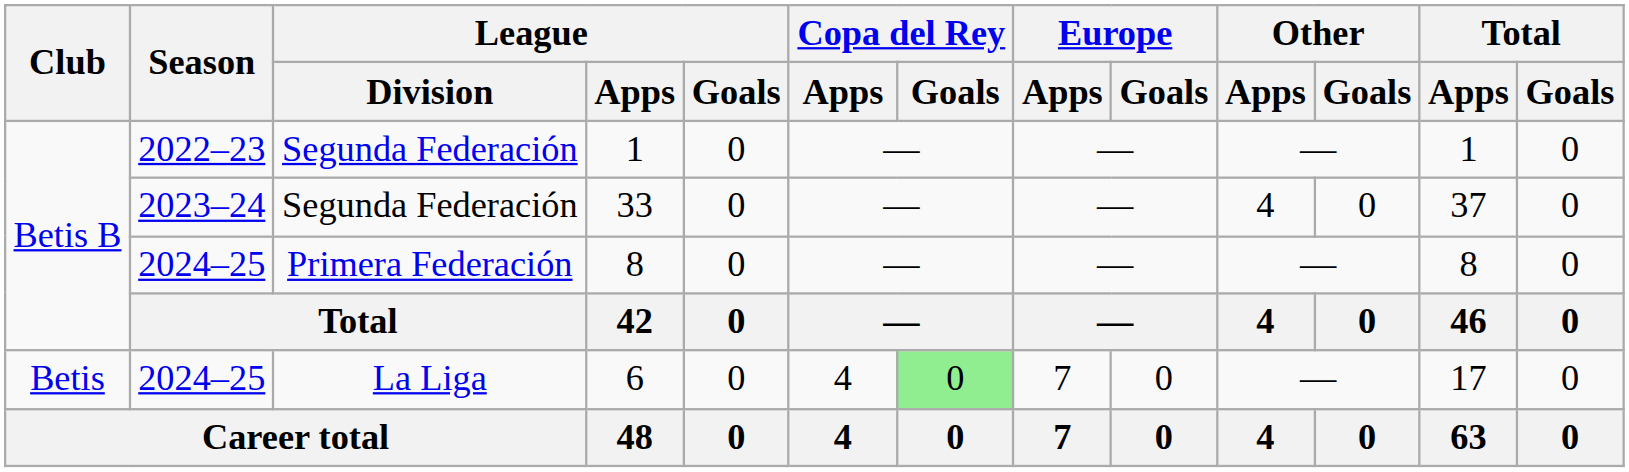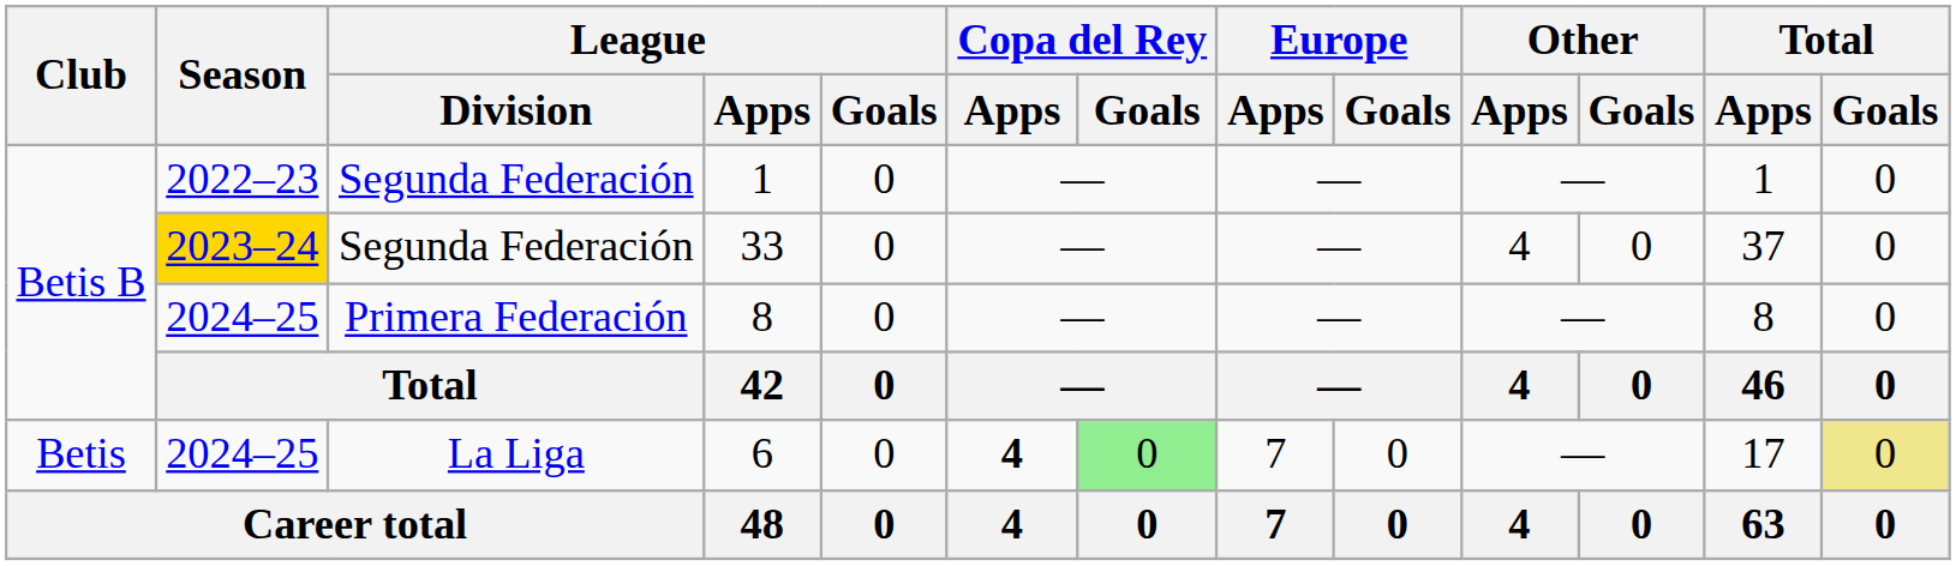 <table class="wikitable" style="text-align:center">
 <tr>
 <th rowspan="2">Club</th>
 <th rowspan="2">Season</th>
 <th colspan="3">League</th>
 <th colspan="2"><a href='#'>Copa del Rey</a></th>
 <th colspan="2"><a href='#'>Europe</a></th>
 <th colspan="2">Other</th>
 <th colspan="2">Total</th>
 </tr>
 <tr>
 <th>Division</th>
 <th>Apps</th>
 <th>Goals</th>
 <th>Apps</th>
 <th>Goals</th>
 <th>Apps</th>
 <th>Goals</th>
 <th>Apps</th>
 <th>Goals</th>
 <th>Apps</th>
 <th>Goals</th>
 </tr>
 <tr>
 <td rowspan="4"><a href='#'>Betis B</a></td>
 <td><a href='#'>2022–23</a></td>
 <td><a href='#'>Segunda Federación</a></td>
 <td>1</td>
 <td>0</td>
 <td colspan="2">—</td>
 <td colspan="2">—</td>
 <td colspan="2">—</td>
 <td>1</td>
 <td>0</td>
 </tr>
 <tr>
-<td><a href='#'>2023–24</a></td>
+<td style="background: gold;"><a href='#'>2023–24</a></td>
 <td>Segunda Federación</td>
 <td>33</td>
 <td>0</td>
 <td colspan="2">—</td>
 <td colspan="2">—</td>
 <td>4</td>
 <td>0</td>
 <td>37</td>
 <td>0</td>
 </tr>
 <tr>
 <td><a href='#'>2024–25</a></td>
 <td><a href='#'>Primera Federación</a></td>
 <td>8</td>
 <td>0</td>
 <td colspan="2">—</td>
 <td colspan="2">—</td>
 <td colspan="2">—</td>
 <td>8</td>
 <td>0</td>
 </tr>
 <tr>
 <th colspan="2">Total</th>
 <th>42</th>
 <th>0</th>
 <th colspan="2">—</th>
 <th colspan="2">—</th>
 <th>4</th>
 <th>0</th>
 <th>46</th>
 <th>0</th>
 </tr>
 <tr>
 <td><a href='#'>Betis</a></td>
 <td><a href='#'>2024–25</a></td>
 <td><a href='#'>La Liga</a></td>
 <td>6</td>
 <td>0</td>
-<td>4</td>
+<td><strong>4</strong></td>
 <td style="background: lightgreen;">0</td>
 <td>7</td>
 <td>0</td>
 <td colspan="2">—</td>
 <td>17</td>
-<td>0</td>
+<td style="background: khaki;">0</td>
 </tr>
 <tr>
 <th colspan="3">Career total</th>
 <th>48</th>
 <th>0</th>
 <th>4</th>
 <th>0</th>
 <th>7</th>
 <th>0</th>
 <th>4</th>
 <th>0</th>
 <th>63</th>
 <th>0</th>
 </tr>
 </table>
